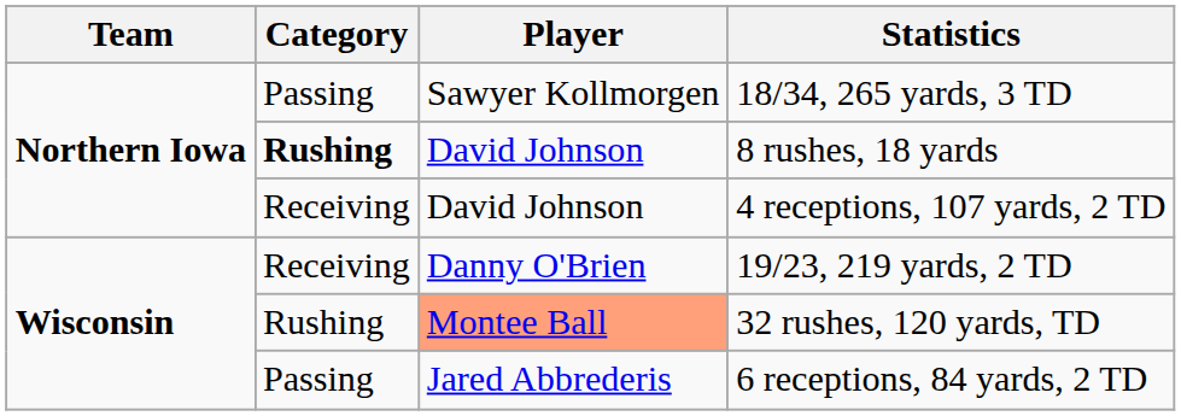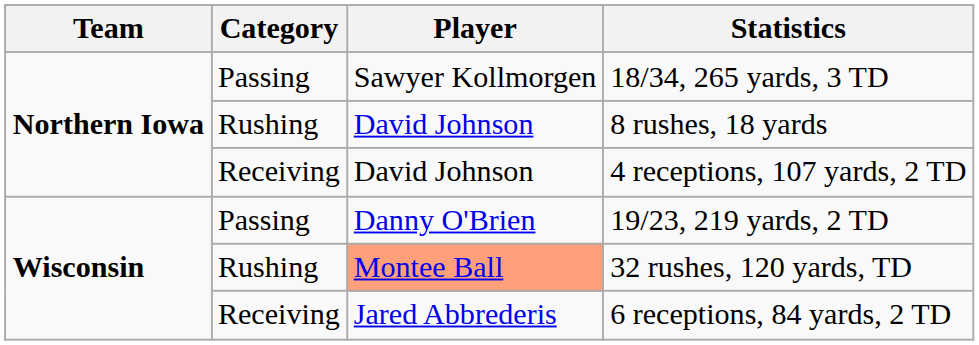 <table class="wikitable" style="float: right;">
 <tr>
 <th>Team</th>
 <th>Category</th>
 <th>Player</th>
 <th>Statistics</th>
 </tr>
 <tr>
 <td rowspan=3><strong>Northern Iowa</strong></td>
 <td>Passing</td>
 <td>Sawyer Kollmorgen</td>
 <td>18/34, 265 yards, 3 TD</td>
 </tr>
 <tr>
-<td><strong>Rushing</strong></td>
+<td>Rushing</td>
 <td><a href='#'>David Johnson</a></td>
 <td>8 rushes, 18 yards</td>
 </tr>
 <tr>
 <td>Receiving</td>
 <td>David Johnson</td>
 <td>4 receptions, 107 yards, 2 TD</td>
 </tr>
 <tr>
 <td rowspan=3><strong>Wisconsin</strong></td>
-<td>Receiving</td>
+<td>Passing</td>
 <td><a href='#'>Danny O'Brien</a></td>
 <td>19/23, 219 yards, 2 TD</td>
 </tr>
 <tr>
 <td>Rushing</td>
 <td style="background: lightsalmon;"><a href='#'>Montee Ball</a></td>
 <td>32 rushes, 120 yards, TD</td>
 </tr>
 <tr>
-<td>Passing</td>
+<td>Receiving</td>
 <td><a href='#'>Jared Abbrederis</a></td>
 <td>6 receptions, 84 yards, 2 TD</td>
 </tr>
 </table>
